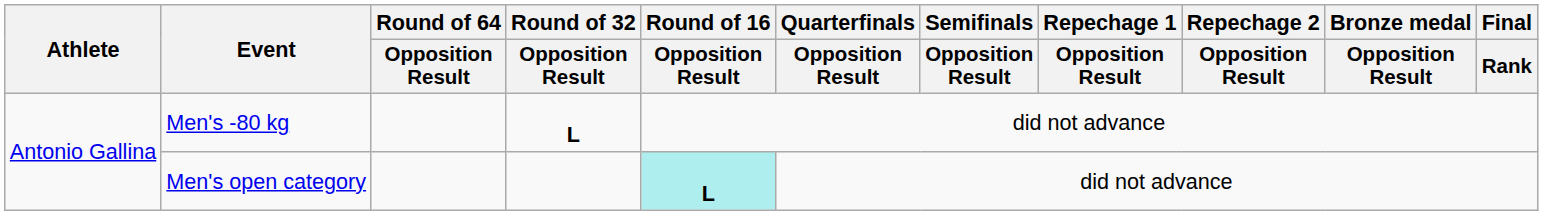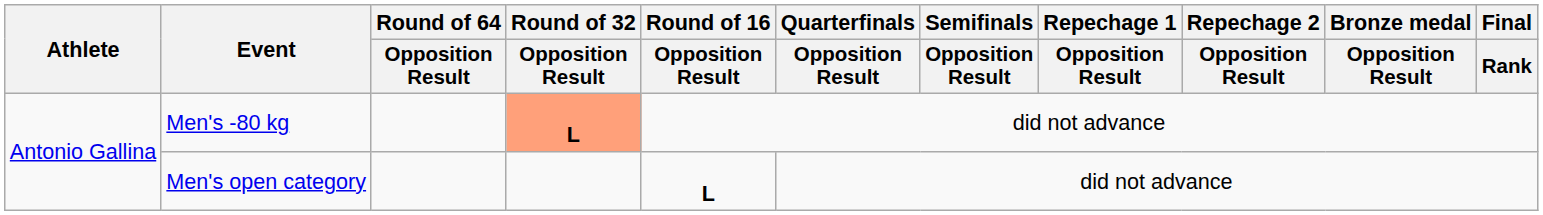 <table class="wikitable" border="1" style="font-size:90%">
 <tr>
 <th rowspan="2">Athlete</th>
 <th rowspan="2">Event</th>
 <th>Round of 64</th>
 <th>Round of 32</th>
 <th>Round of 16</th>
 <th>Quarterfinals</th>
 <th>Semifinals</th>
 <th>Repechage 1</th>
 <th>Repechage 2</th>
 <th>Bronze medal</th>
 <th colspan=2>Final</th>
 </tr>
 <tr style="font-size:95%">
 <th>Opposition<br>Result</th>
 <th>Opposition<br>Result</th>
 <th>Opposition<br>Result</th>
 <th>Opposition<br>Result</th>
 <th>Opposition<br>Result</th>
 <th>Opposition<br>Result</th>
 <th>Opposition<br>Result</th>
 <th>Opposition<br>Result</th>
 <th>Rank</th>
 </tr>
 <tr align=center>
 <td align=left rowspan=2><a href='#'>Antonio Gallina</a></td>
 <td align=left><a href='#'>Men's -80 kg</a></td>
 <td></td>
-<td> <br> <strong>L</strong></td>
+<td style="background: lightsalmon;"> <br> <strong>L</strong></td>
 <td colspan=7>did not advance</td>
 </tr>
 <tr align=center>
 <td align=left><a href='#'>Men's open category</a></td>
 <td></td>
 <td></td>
-<td style="background: paleturquoise;"> <br> <strong>L</strong></td>
+<td> <br> <strong>L</strong></td>
 <td colspan=6>did not advance</td>
 </tr>
 </table>
